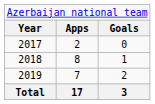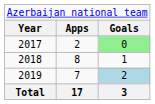 <table class="wikitable" style="text-align:center">
 <tr>
 <td colspan="3"><a href='#'>Azerbaijan national team</a></td>
 </tr>
 <tr>
 <th>Year</th>
 <th>Apps</th>
 <th>Goals</th>
 </tr>
 <tr>
 <td>2017</td>
 <td>2</td>
-<td>0</td>
+<td style="background: lightgreen;">0</td>
 </tr>
 <tr>
 <td>2018</td>
 <td>8</td>
 <td>1</td>
 </tr>
 <tr>
 <td>2019</td>
 <td>7</td>
-<td>2</td>
+<td style="background: lightblue;">2</td>
 </tr>
 <tr>
 <th>Total</th>
 <th>17</th>
 <th>3</th>
 </tr>
 </table>
